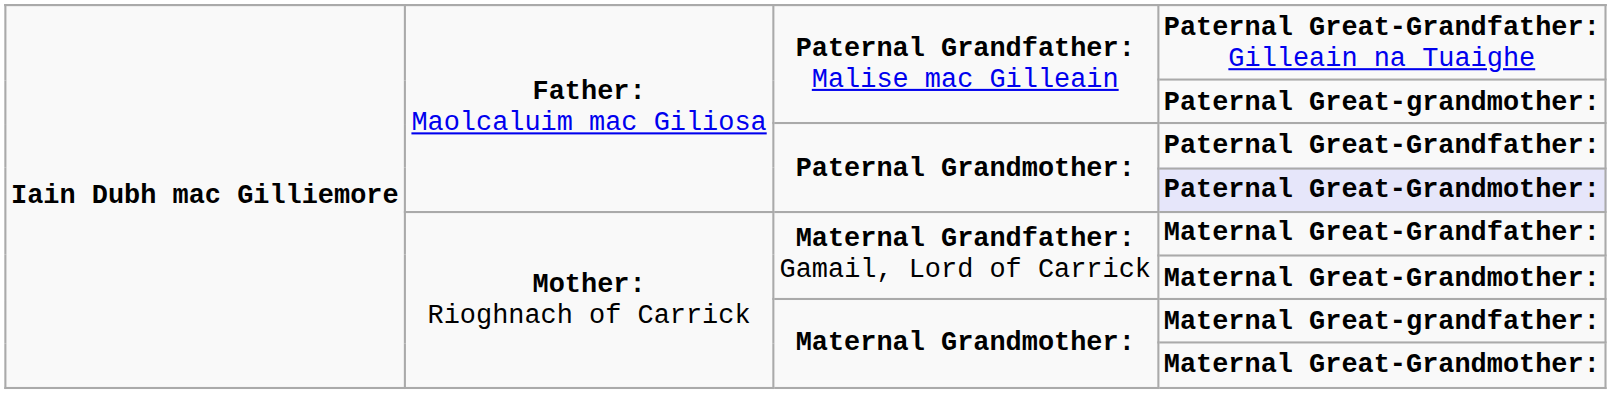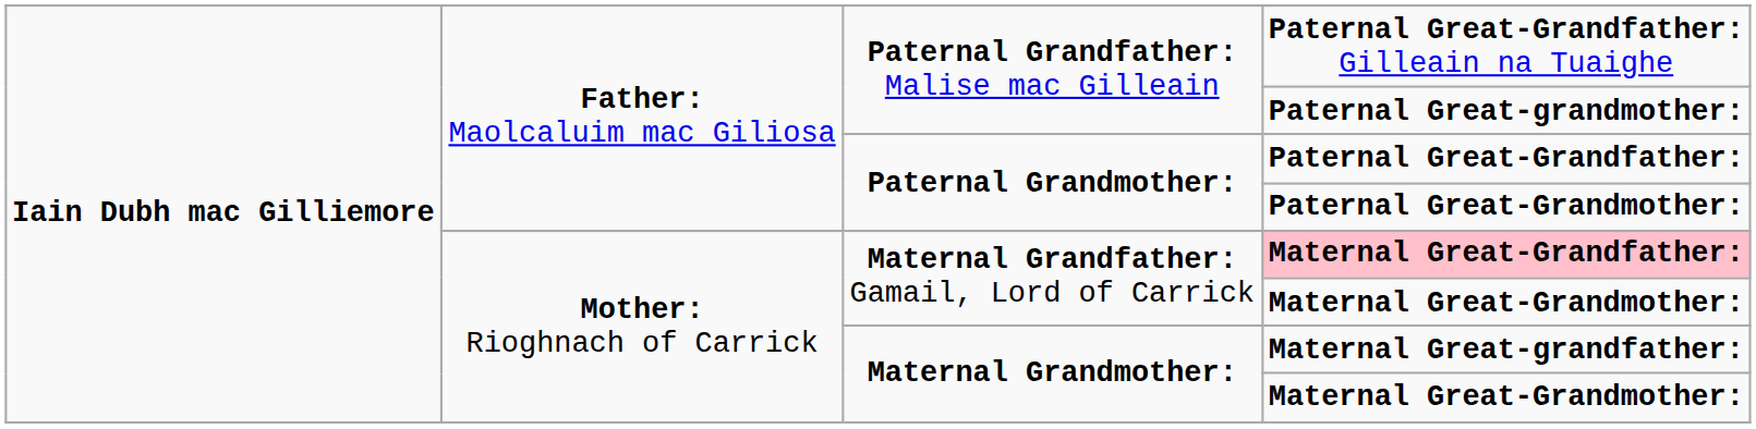 <table class="wikitable" style="margin:0.3em auto">
 <tr>
 </tr>
 <tr>
 <td rowspan="8" align="center"><strong>Iain Dubh mac Gilliemore</strong></td>
 <td rowspan="4" align="center"><strong>Father:</strong><br><a href='#'>Maolcaluim mac Giliosa</a></td>
 <td rowspan="2" align="center"><strong>Paternal Grandfather:</strong><br><a href='#'>Malise mac Gilleain</a></td>
 <td align="center"><strong>Paternal Great-Grandfather:</strong><br><a href='#'>Gilleain na Tuaighe</a></td>
 </tr>
 <tr>
 <td align="center"><strong>Paternal Great-grandmother:</strong><br></td>
 </tr>
 <tr>
 <td rowspan="2" align="center"><strong>Paternal Grandmother:</strong><br></td>
 <td align="center"><strong>Paternal Great-Grandfather:</strong><br></td>
 </tr>
 <tr>
-<td align="center" style="background: lavender;"><strong>Paternal Great-Grandmother:</strong><br></td>
+<td align="center"><strong>Paternal Great-Grandmother:</strong><br></td>
 </tr>
 <tr>
 <td rowspan="4" align="center"><strong>Mother:</strong><br>Rioghnach of Carrick</td>
 <td rowspan="2" align="center"><strong>Maternal Grandfather:</strong><br>Gamail, Lord of Carrick</td>
-<td align="center"><strong>Maternal Great-Grandfather:</strong><br></td>
+<td align="center" style="background: pink;"><strong>Maternal Great-Grandfather:</strong><br></td>
 </tr>
 <tr>
 <td align="center"><strong>Maternal Great-Grandmother:</strong><br></td>
 </tr>
 <tr>
 <td rowspan="2" align="center"><strong>Maternal Grandmother:</strong><br></td>
 <td align="center"><strong>Maternal Great-grandfather:</strong><br></td>
 </tr>
 <tr>
 <td align="center"><strong>Maternal Great-Grandmother:</strong><br></td>
 </tr>
 </table>
